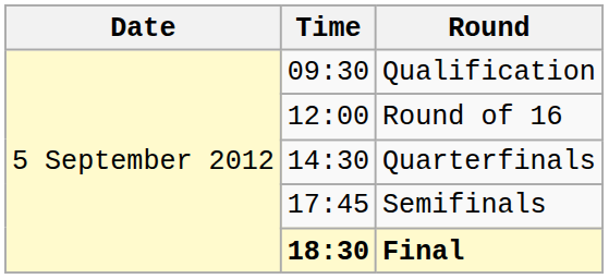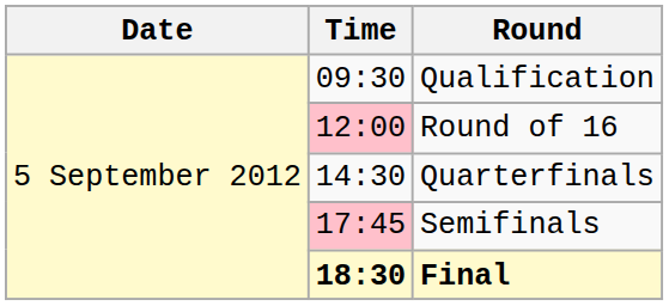 <table class="wikitable">
 <tr>
 <th>Date</th>
 <th>Time</th>
 <th>Round</th>
 </tr>
 <tr>
 <td style=background:lemonchiffon rowspan=5>5 September 2012</td>
 <td>09:30</td>
 <td>Qualification</td>
 </tr>
 <tr>
-<td>12:00</td>
+<td style="background: pink;">12:00</td>
 <td>Round of 16</td>
 </tr>
 <tr>
 <td>14:30</td>
 <td>Quarterfinals</td>
 </tr>
 <tr>
-<td>17:45</td>
+<td style="background: pink;">17:45</td>
 <td>Semifinals</td>
 </tr>
 <tr>
 <td style=background:lemonchiffon><strong>18:30</strong></td>
 <td style=background:lemonchiffon><strong>Final</strong></td>
 </tr>
 </table>
